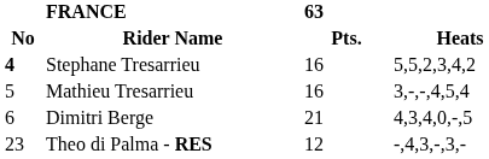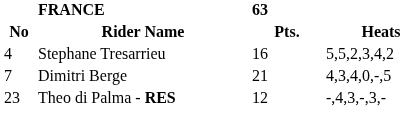 <table class="toccolours">
 <tr>
 <td></td>
 <td><strong>FRANCE</strong></td>
 <td><strong>63</strong></td>
 </tr>
 <tr style="background-color:">
 <th width=30px>No</th>
 <th width=210px>Rider Name</th>
 <th width=70px>Pts.</th>
 <th width=110px>Heats</th>
 </tr>
 <tr style="background-color:">
-<td><strong>4</strong></td>
+<td>4</td>
 <td>Stephane Tresarrieu</td>
 <td>16</td>
 <td>5,5,2,3,4,2</td>
 </tr>
 <tr style="background-color:">
-<td>5</td>
-<td>Mathieu Tresarrieu</td>
-<td>16</td>
-<td>3,-,-,4,5,4</td>
-</tr>
-<tr style="background-color:">
-<td>6</td>
+<td>7</td>
 <td>Dimitri Berge</td>
 <td>21</td>
 <td>4,3,4,0,-,5</td>
 </tr>
 <tr style="background-color:">
 <td>23</td>
 <td>Theo di Palma - <strong>RES</strong></td>
 <td>12</td>
 <td>-,4,3,-,3,-</td>
 </tr>
 </table>
